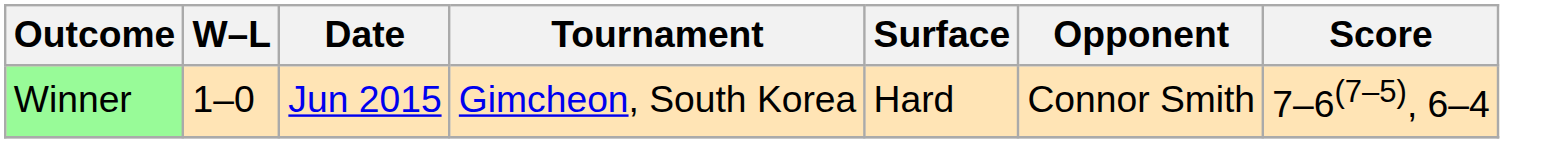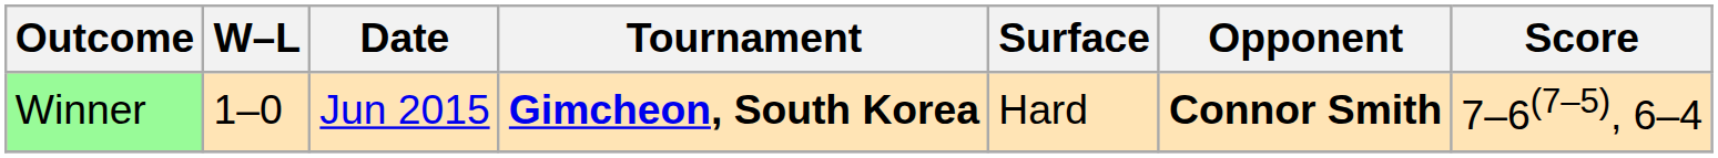 <table class=wikitable style=font-size:97%>
 <tr>
 <th>Outcome</th>
 <th>W–L</th>
 <th>Date</th>
 <th>Tournament</th>
 <th>Surface</th>
 <th>Opponent</th>
 <th>Score</th>
 </tr>
 <tr bgcolor=moccasin>
 <td bgcolor=98FB98>Winner</td>
 <td>1–0</td>
 <td><a href='#'>Jun 2015</a></td>
-<td><a href='#'>Gimcheon</a>, South Korea</td>
+<td><strong><a href='#'>Gimcheon</a>, South Korea</strong></td>
 <td>Hard</td>
-<td> Connor Smith</td>
+<td><strong> Connor Smith</strong></td>
 <td>7–6<sup>(7–5)</sup>, 6–4</td>
 </tr>
 <tr bgcolor=CFFCFF>
 </tr>
 </table>
